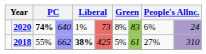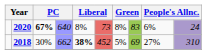 <table class="wikitable" style="float:right; width:400; font-size:90%; margin-left:1em;">
 <tr>
 <th colspan="2" scope="col">Year</th>
 <th colspan="2" scope="col"><a href='#'>PC</a></th>
 <th colspan="2" scope="col"><a href='#'>Liberal</a></th>
 <th colspan="2" scope="col"><a href='#'>Green</a></th>
 <th colspan="2" scope="col"><a href='#'>People's Allnc.</a></th>
 </tr>
 <tr>
 <td style="width: 0.25em; background-color: "></td>
 <th><a href='#'>2020</a></th>
-<td><strong>74%</strong></td>
+<td><strong>67%</strong></td>
 <td style="text-align:right; background:#9999FF;"><em>640</em></td>
-<td>1%</td>
+<td>8%</td>
 <td style="text-align:right; background:#EA6D6A;"><em>73</em></td>
 <td>8%</td>
 <td style="text-align:right; background:#99C955;"><em>83</em></td>
 <td>6%</td>
 <td style="text-align:right; background:#AA99CC;"><em>24</em></td>
 </tr>
 <tr>
 <td style="width: 0.25em; background-color: "></td>
 <th><a href='#'>2018</a></th>
-<td>55%</td>
+<td>30%</td>
 <td style="text-align:right; background:#9999FF;"><em>662</em></td>
 <td><strong>38%</strong></td>
-<td style="text-align:right; background:#EA6D6A;"><em>425</em></td>
+<td style="text-align:right; background:#EA6D6A;"><em>452</em></td>
 <td>5%</td>
-<td style="text-align:right; background:#99C955;"><em>61</em></td>
+<td style="text-align:right; background:#99C955;"><em>69</em></td>
 <td>27%</td>
 <td style="text-align:right; background:#AA99CC;"><em>310</em></td>
 </tr>
 <tr>
 </tr>
 </table>
